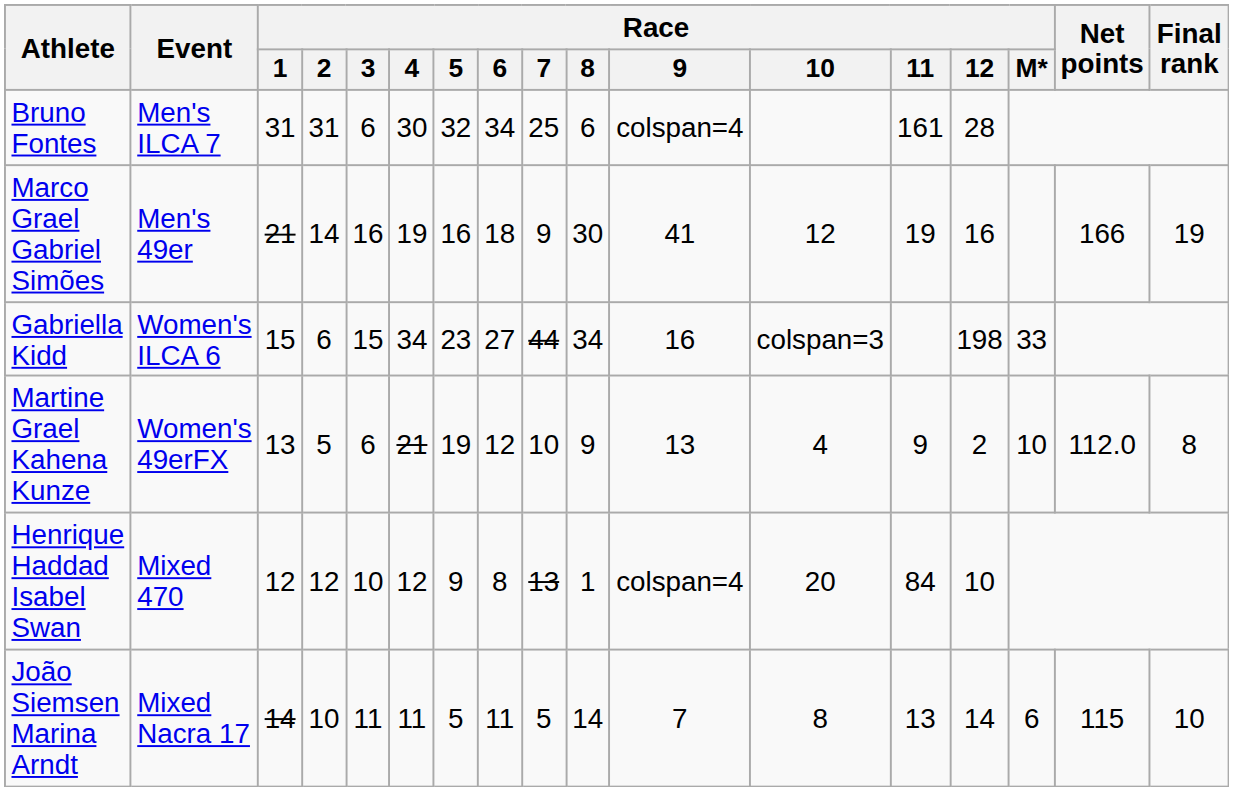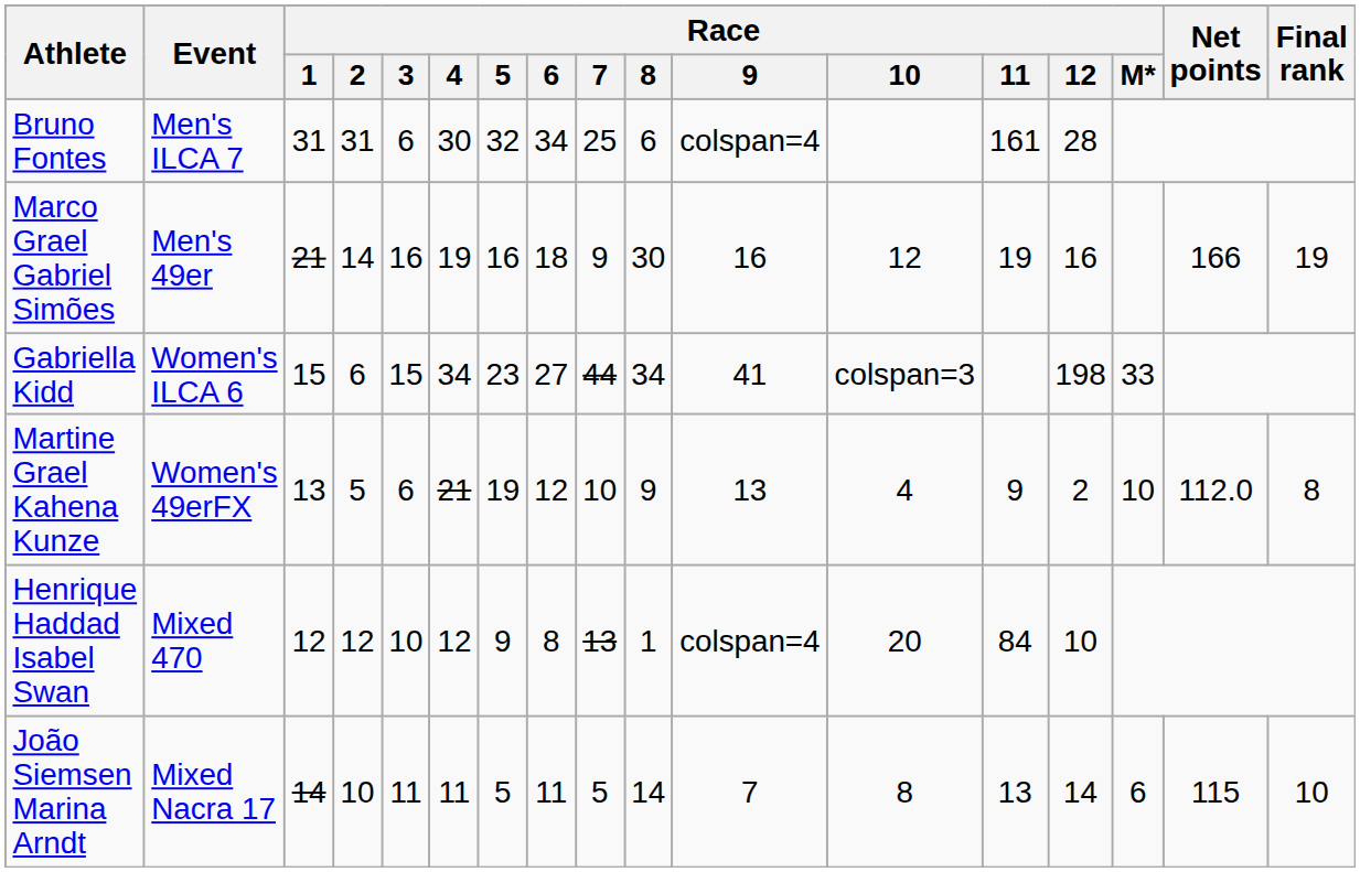 <table class="wikitable" style="font-size:90%">
 <tr>
 <th rowspan="2">Athlete</th>
 <th rowspan="2">Event</th>
 <th colspan=13>Race</th>
 <th rowspan=2>Net points</th>
 <th rowspan=2>Final rank</th>
 </tr>
 <tr style="font-size:95%">
 <th>1</th>
 <th>2</th>
 <th>3</th>
 <th>4</th>
 <th>5</th>
 <th>6</th>
 <th>7</th>
 <th>8</th>
 <th>9</th>
 <th>10</th>
 <th>11</th>
 <th>12</th>
 <th>M*</th>
 </tr>
 <tr align=center>
 <td align=left><a href='#'>Bruno Fontes</a></td>
 <td align=left><a href='#'>Men's ILCA 7</a></td>
 <td>31</td>
 <td>31</td>
 <td>6</td>
 <td>30</td>
 <td>32</td>
 <td>34</td>
 <td>25</td>
 <td>6</td>
 <td>colspan=4 </td>
 <td></td>
 <td>161</td>
 <td>28</td>
 </tr>
 <tr align=center>
 <td align=left><a href='#'>Marco Grael</a><br><a href='#'>Gabriel Simões</a></td>
 <td align=left><a href='#'>Men's 49er</a></td>
 <td><s>21</s></td>
 <td>14</td>
 <td>16</td>
 <td>19</td>
 <td>16</td>
 <td>18</td>
 <td>9</td>
 <td>30</td>
-<td>41</td>
+<td>16</td>
 <td>12</td>
 <td>19</td>
 <td>16</td>
 <td></td>
 <td>166</td>
 <td>19</td>
 </tr>
 <tr align=center>
 <td align=left><a href='#'>Gabriella Kidd</a></td>
 <td align=left><a href='#'>Women's ILCA 6</a></td>
 <td>15</td>
 <td>6</td>
 <td>15</td>
 <td>34</td>
 <td>23</td>
 <td>27</td>
 <td><s>44</s></td>
 <td>34</td>
-<td>16</td>
+<td>41</td>
 <td>colspan=3 </td>
 <td></td>
 <td>198</td>
 <td>33</td>
 </tr>
 <tr align=center>
 <td align=left><a href='#'>Martine Grael</a><br><a href='#'>Kahena Kunze</a></td>
 <td align=left><a href='#'>Women's 49erFX</a></td>
 <td>13</td>
 <td>5</td>
 <td>6</td>
 <td><s>21</s></td>
 <td>19</td>
 <td>12</td>
 <td>10</td>
 <td>9</td>
 <td>13</td>
 <td>4</td>
 <td>9</td>
 <td>2</td>
 <td>10</td>
 <td>112.0</td>
 <td>8</td>
 </tr>
 <tr align=center>
 <td align=left><a href='#'>Henrique Haddad</a><br><a href='#'>Isabel Swan</a></td>
 <td align=left><a href='#'>Mixed 470</a></td>
 <td>12</td>
 <td>12</td>
 <td>10</td>
 <td>12</td>
 <td>9</td>
 <td>8</td>
 <td><s>13</s></td>
 <td>1</td>
 <td>colspan=4 </td>
 <td>20</td>
 <td>84</td>
 <td>10</td>
 </tr>
 <tr align=center>
 <td align=left><a href='#'>João Siemsen</a><br><a href='#'>Marina Arndt</a></td>
 <td align=left><a href='#'>Mixed Nacra 17</a></td>
 <td><s>14</s></td>
 <td>10</td>
 <td>11</td>
 <td>11</td>
 <td>5</td>
 <td>11</td>
 <td>5</td>
 <td>14</td>
 <td>7</td>
 <td>8</td>
 <td>13</td>
 <td>14</td>
 <td>6</td>
 <td>115</td>
 <td>10</td>
 </tr>
 </table>
